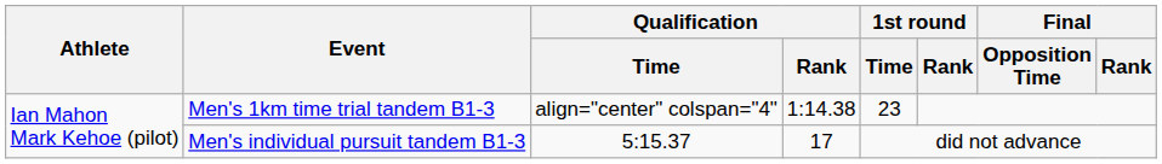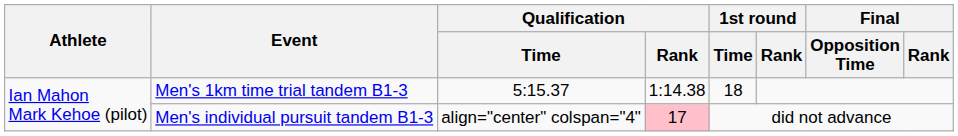 <table class=wikitable style="font-size:90%">
 <tr>
 <th rowspan="2">Athlete</th>
 <th rowspan="2">Event</th>
 <th colspan="2">Qualification</th>
 <th colspan="2">1st round</th>
 <th colspan="2">Final</th>
 </tr>
 <tr>
 <th>Time</th>
 <th>Rank</th>
 <th>Time</th>
 <th>Rank</th>
 <th>Opposition<br>Time</th>
 <th>Rank</th>
 </tr>
 <tr>
 <td rowspan="2"><a href='#'>Ian Mahon</a><br> <a href='#'>Mark Kehoe</a> (pilot)</td>
 <td><a href='#'>Men's 1km time trial tandem B1-3</a></td>
-<td>align="center" colspan="4" </td>
+<td align="center">5:15.37</td>
 <td align="center">1:14.38</td>
-<td align="center">23</td>
+<td align="center">18</td>
 </tr>
 <tr>
 <td><a href='#'>Men's individual pursuit tandem B1-3</a></td>
-<td align="center">5:15.37</td>
-<td align="center">17</td>
+<td>align="center" colspan="4" </td>
+<td align="center" style="background: pink;">17</td>
 <td align="center" colspan="4">did not advance</td>
 </tr>
 </table>
